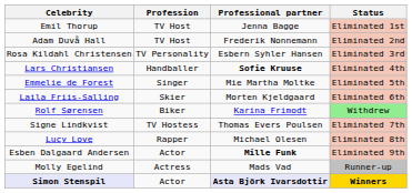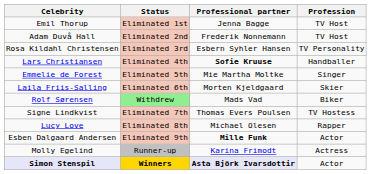 <table class= "wikitable sortable" style="text-align: center; margin:auto; align: center">
 <tr>
 <th>Celebrity</th>
+<th>Status</th>
+<th>Professional partner</th>
 <th>Profession</th>
-<th>Professional partner</th>
-<th>Status</th>
 </tr>
 <tr>
 <td>Emil Thorup</td>
+<td style="background:#f4c7b8;">Eliminated 1st</td>
+<td>Jenna Bagge</td>
 <td>TV Host</td>
-<td>Jenna Bagge</td>
-<td style="background:#f4c7b8;">Eliminated 1st</td>
 </tr>
 <tr>
 <td>Adam Duvå Hall</td>
+<td style="background:#f4c7b8;">Eliminated 2nd</td>
+<td>Frederik Nonnemann</td>
 <td>TV Host</td>
-<td>Frederik Nonnemann</td>
-<td style="background:#f4c7b8;">Eliminated 2nd</td>
 </tr>
 <tr>
 <td>Rosa Kildahl Christensen</td>
+<td style="background:#f4c7b8;">Eliminated 3rd</td>
+<td>Esbern Syhler Hansen</td>
 <td>TV Personality</td>
-<td>Esbern Syhler Hansen</td>
-<td style="background:#f4c7b8;">Eliminated 3rd</td>
 </tr>
 <tr>
 <td><a href='#'>Lars Christiansen</a></td>
+<td style="background:#f4c7b8;">Eliminated 4th</td>
+<td><strong>Sofie Kruuse</strong></td>
 <td>Handballer</td>
-<td><strong>Sofie Kruuse</strong></td>
-<td style="background:#f4c7b8;">Eliminated 4th</td>
 </tr>
 <tr>
 <td><a href='#'>Emmelie de Forest</a></td>
+<td style="background:#f4c7b8;">Eliminated 5th</td>
+<td>Mie Martha Moltke</td>
 <td>Singer</td>
-<td>Mie Martha Moltke</td>
-<td style="background:#f4c7b8;">Eliminated 5th</td>
 </tr>
 <tr>
 <td><a href='#'>Laila Friis-Salling</a></td>
+<td style="background:#f4c7b8;">Eliminated 6th</td>
+<td>Morten Kjeldgaard</td>
 <td>Skier</td>
-<td>Morten Kjeldgaard</td>
-<td style="background:#f4c7b8;">Eliminated 6th</td>
 </tr>
 <tr>
 <td><a href='#'>Rolf Sørensen</a></td>
+<td style="background:lightgreen;">Withdrew</td>
+<td>Mads Vad</td>
 <td>Biker</td>
-<td><a href='#'>Karina Frimodt</a></td>
-<td style="background:lightgreen;">Withdrew</td>
 </tr>
 <tr>
 <td>Signe Lindkvist</td>
+<td style="background:#f4c7b8;">Eliminated 7th</td>
+<td>Thomas Evers Poulsen</td>
 <td>TV Hostess</td>
-<td>Thomas Evers Poulsen</td>
-<td style="background:#f4c7b8;">Eliminated 7th</td>
 </tr>
 <tr>
 <td><a href='#'>Lucy Love</a></td>
+<td style="background:#f4c7b8;">Eliminated 8th</td>
+<td>Michael Olesen</td>
 <td>Rapper</td>
-<td>Michael Olesen</td>
-<td style="background:#f4c7b8;">Eliminated 8th</td>
 </tr>
 <tr>
 <td>Esben Dalgaard Andersen</td>
+<td style="background:#f4c7b8;">Eliminated 9th</td>
+<td><strong>Mille Funk</strong></td>
 <td>Actor</td>
-<td><strong>Mille Funk</strong></td>
-<td style="background:#f4c7b8;">Eliminated 9th</td>
 </tr>
 <tr>
 <td>Molly Egelind</td>
+<td style="background:silver;">Runner-up</td>
+<td><a href='#'>Karina Frimodt</a></td>
 <td>Actress</td>
-<td>Mads Vad</td>
-<td style="background:silver;">Runner-up</td>
 </tr>
 <tr>
 <td style="background:lavender;"><strong>Simon Stenspil</strong></td>
+<td style="background:gold;"><strong>Winners</strong></td>
+<td style="background:lavender;"><strong>Asta Björk Ivarsdottir</strong></td>
 <td>Actor</td>
-<td style="background:lavender;"><strong>Asta Björk Ivarsdottir</strong></td>
-<td style="background:gold;"><strong>Winners</strong></td>
 </tr>
 </table>
